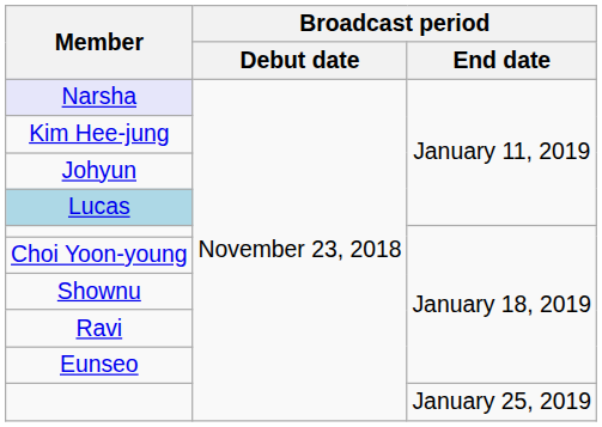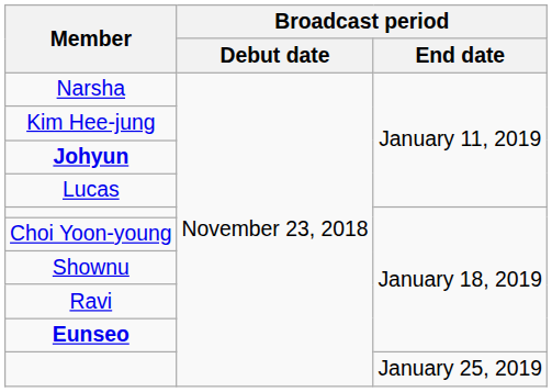 <table class="wikitable" style="text-align:center;">
 <tr>
 <th rowspan=2>Member</th>
 <th colspan=2>Broadcast period</th>
 </tr>
 <tr>
 <th>Debut date</th>
 <th>End date</th>
 </tr>
 <tr>
-<td style="background: lavender;"><a href='#'>Narsha</a></td>
+<td><a href='#'>Narsha</a></td>
 <td rowspan=10>November 23, 2018</td>
 <td rowspan=4>January 11, 2019</td>
 </tr>
 <tr>
 <td><a href='#'>Kim Hee-jung</a></td>
 </tr>
 <tr>
-<td><a href='#'>Johyun</a></td>
+<td><strong><a href='#'>Johyun</a></strong></td>
 </tr>
 <tr>
-<td style="background: lightblue;"><a href='#'>Lucas</a></td>
+<td><a href='#'>Lucas</a></td>
 </tr>
 <tr>
 <td></td>
 <td rowspan=5>January 18, 2019</td>
 </tr>
 <tr>
 <td><a href='#'>Choi Yoon-young</a></td>
 </tr>
 <tr>
 <td><a href='#'>Shownu</a></td>
 </tr>
 <tr>
 <td><a href='#'>Ravi</a></td>
 </tr>
 <tr>
-<td><a href='#'>Eunseo</a></td>
+<td><strong><a href='#'>Eunseo</a></strong></td>
 </tr>
 <tr>
 <td></td>
 <td>January 25, 2019</td>
 </tr>
 </table>
